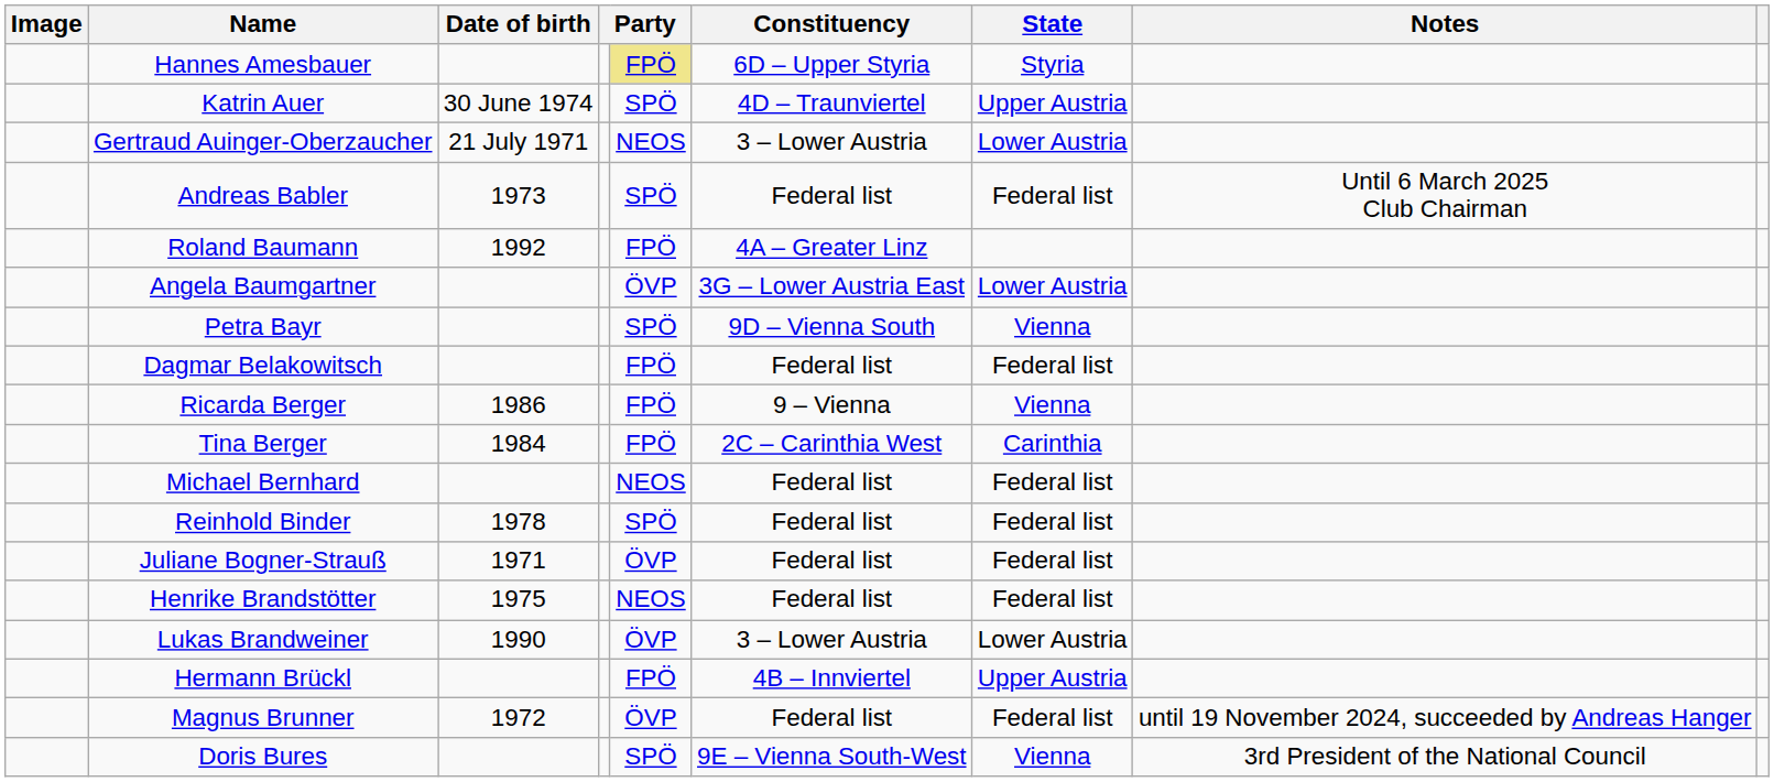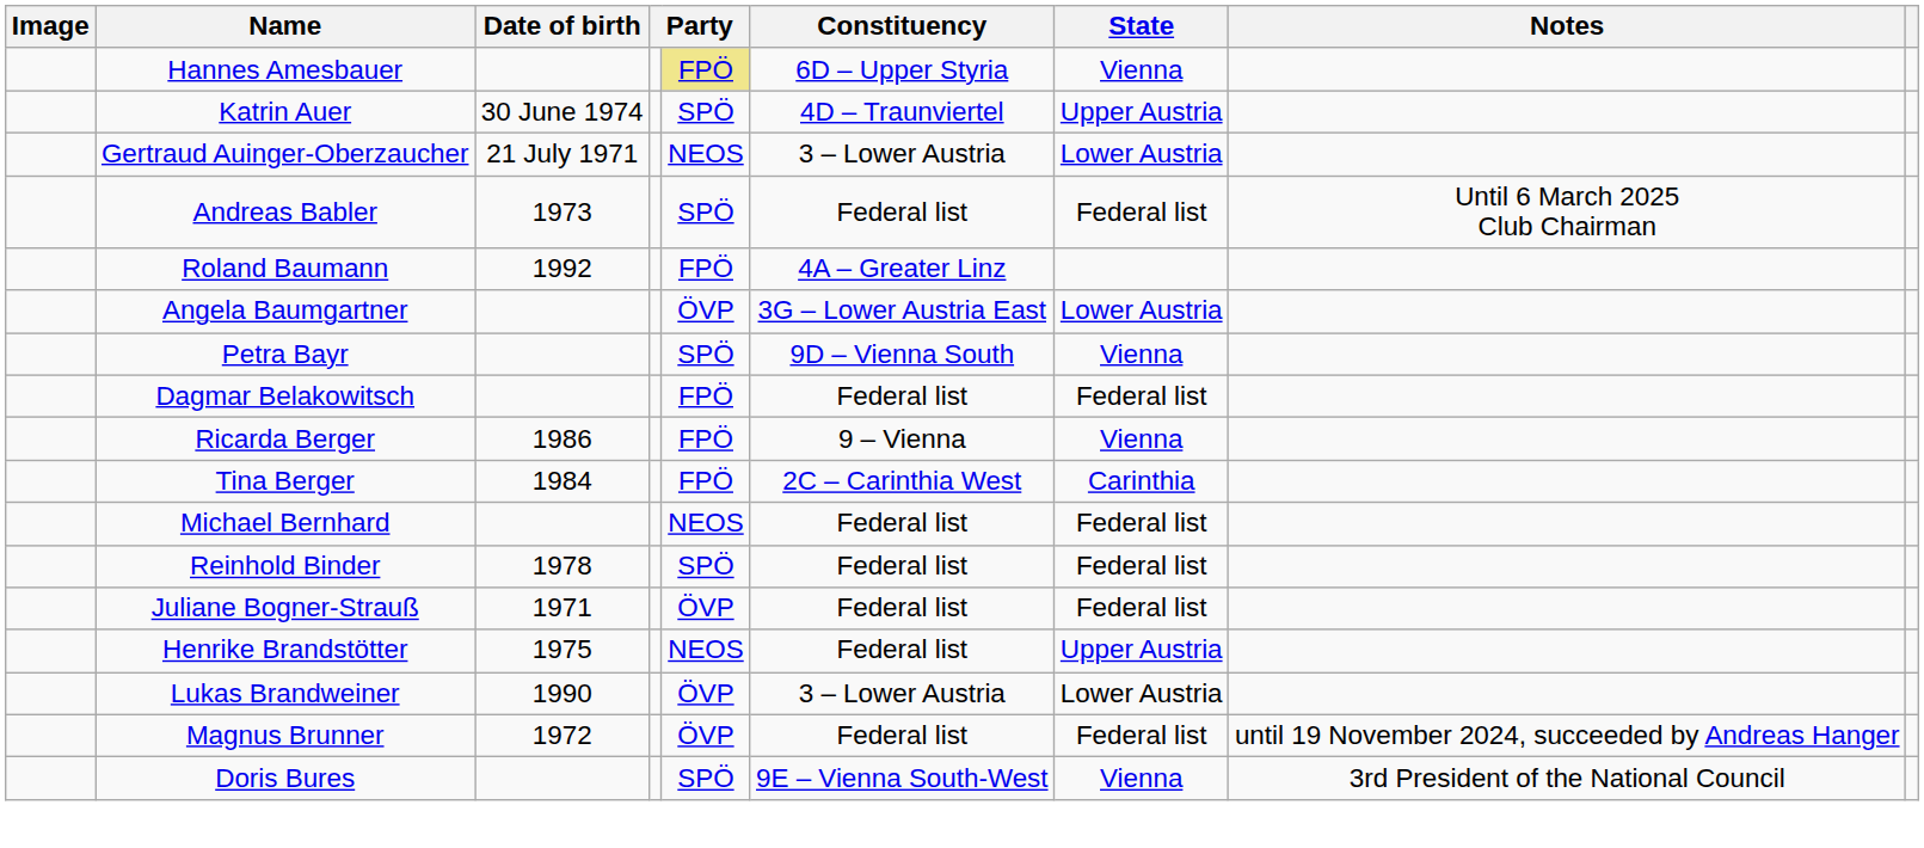 <table class="wikitable sortable" style="text-align:center">
 <tr>
 <th>Image</th>
 <th>Name</th>
 <th>Date of birth</th>
 <th colspan="2">Party</th>
 <th>Constituency</th>
 <th><a href='#'>State</a></th>
 <th>Notes</th>
 <th></th>
 </tr>
 <tr>
 <td></td>
 <td data-sort-value="Amesbauer, Hannes"><a href='#'>Hannes Amesbauer</a></td>
 <td></td>
 <td></td>
 <td style="background: khaki;"><a href='#'>FPÖ</a></td>
 <td><a href='#'>6D – Upper Styria</a></td>
-<td><a href='#'>Styria</a></td>
+<td><a href='#'>Vienna</a></td>
 <td></td>
 <td></td>
 </tr>
 <tr>
 <td></td>
 <td><a href='#'>Katrin Auer</a></td>
 <td>30 June 1974</td>
 <td></td>
 <td><a href='#'>SPÖ</a></td>
 <td><a href='#'>4D – Traunviertel</a></td>
 <td><a href='#'>Upper Austria</a></td>
 <td></td>
 <td></td>
 </tr>
 <tr>
 <td></td>
 <td><a href='#'>Gertraud Auinger-Oberzaucher</a></td>
 <td>21 July 1971</td>
 <td></td>
 <td><a href='#'>NEOS</a></td>
 <td>3 – Lower Austria</td>
 <td><a href='#'>Lower Austria</a></td>
 <td></td>
 <td></td>
 </tr>
 <tr>
 <td></td>
 <td><a href='#'>Andreas Babler</a></td>
 <td>1973</td>
 <td></td>
 <td><a href='#'>SPÖ</a></td>
 <td>Federal list</td>
 <td>Federal list</td>
 <td>Until 6 March 2025<br>Club Chairman</td>
 <td></td>
 </tr>
 <tr>
 <td></td>
 <td><a href='#'>Roland Baumann</a></td>
 <td>1992</td>
 <td></td>
 <td><a href='#'>FPÖ</a></td>
 <td><a href='#'>4A – Greater Linz</a></td>
 <td></td>
 <td></td>
 <td></td>
 </tr>
 <tr>
 <td></td>
 <td><a href='#'>Angela Baumgartner</a></td>
 <td></td>
 <td></td>
 <td><a href='#'>ÖVP</a></td>
 <td><a href='#'>3G – Lower Austria East</a></td>
 <td><a href='#'>Lower Austria</a></td>
 <td></td>
 <td></td>
 </tr>
 <tr>
 <td></td>
 <td><a href='#'>Petra Bayr</a></td>
 <td></td>
 <td></td>
 <td><a href='#'>SPÖ</a></td>
 <td><a href='#'>9D – Vienna South</a></td>
 <td><a href='#'>Vienna</a></td>
 <td></td>
 <td></td>
 </tr>
 <tr>
 <td></td>
 <td><a href='#'>Dagmar Belakowitsch</a></td>
 <td></td>
 <td></td>
 <td><a href='#'>FPÖ</a></td>
 <td>Federal list</td>
 <td>Federal list</td>
 <td></td>
 <td></td>
 </tr>
 <tr>
 <td></td>
 <td><a href='#'>Ricarda Berger</a></td>
 <td>1986</td>
 <td></td>
 <td><a href='#'>FPÖ</a></td>
 <td>9 – Vienna</td>
 <td><a href='#'>Vienna</a></td>
 <td></td>
 <td></td>
 </tr>
 <tr>
 <td></td>
 <td><a href='#'>Tina Berger</a></td>
 <td>1984</td>
 <td></td>
 <td><a href='#'>FPÖ</a></td>
 <td><a href='#'>2C – Carinthia West</a></td>
 <td><a href='#'>Carinthia</a></td>
 <td></td>
 <td></td>
 </tr>
 <tr>
 <td></td>
 <td><a href='#'>Michael Bernhard</a></td>
 <td></td>
 <td></td>
 <td><a href='#'>NEOS</a></td>
 <td>Federal list</td>
 <td>Federal list</td>
 <td></td>
 <td></td>
 </tr>
 <tr>
 <td></td>
 <td><a href='#'>Reinhold Binder</a></td>
 <td>1978</td>
 <td></td>
 <td><a href='#'>SPÖ</a></td>
 <td>Federal list</td>
 <td>Federal list</td>
 <td></td>
 <td></td>
 </tr>
 <tr>
 <td></td>
 <td><a href='#'>Juliane Bogner-Strauß</a></td>
 <td>1971</td>
 <td></td>
 <td><a href='#'>ÖVP</a></td>
 <td>Federal list</td>
 <td>Federal list</td>
 <td></td>
 <td></td>
 </tr>
 <tr>
 <td></td>
 <td><a href='#'>Henrike Brandstötter</a></td>
 <td>1975</td>
 <td></td>
 <td><a href='#'>NEOS</a></td>
 <td>Federal list</td>
-<td>Federal list</td>
+<td><a href='#'>Upper Austria</a></td>
 <td></td>
 <td></td>
 </tr>
 <tr>
 <td></td>
 <td><a href='#'>Lukas Brandweiner</a></td>
 <td>1990</td>
 <td></td>
 <td><a href='#'>ÖVP</a></td>
 <td>3 – Lower Austria</td>
 <td>Lower Austria</td>
-<td></td>
-<td></td>
-</tr>
-<tr>
-<td></td>
-<td><a href='#'>Hermann Brückl</a></td>
-<td></td>
-<td></td>
-<td><a href='#'>FPÖ</a></td>
-<td><a href='#'>4B – Innviertel</a></td>
-<td><a href='#'>Upper Austria</a></td>
 <td></td>
 <td></td>
 </tr>
 <tr>
 <td></td>
 <td><a href='#'>Magnus Brunner</a></td>
 <td>1972</td>
 <td></td>
 <td><a href='#'>ÖVP</a></td>
 <td>Federal list</td>
 <td>Federal list</td>
 <td>until 19 November 2024, succeeded by <a href='#'>Andreas Hanger</a></td>
 <td></td>
 </tr>
 <tr>
 <td></td>
 <td><a href='#'>Doris Bures</a></td>
 <td></td>
 <td></td>
 <td><a href='#'>SPÖ</a></td>
 <td><a href='#'>9E – Vienna South-West</a></td>
 <td><a href='#'>Vienna</a></td>
 <td>3rd President of the National Council</td>
 <td></td>
 </tr>
 </table>
